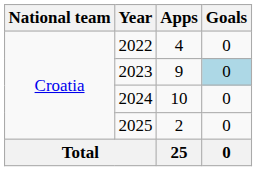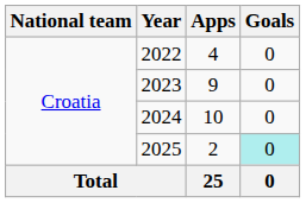 <table class=wikitable style="text-align: center">
 <tr>
 <th>National team</th>
 <th>Year</th>
 <th>Apps</th>
 <th>Goals</th>
 </tr>
 <tr>
 <td rowspan="4"><a href='#'>Croatia</a></td>
 <td>2022</td>
 <td>4</td>
 <td>0</td>
 </tr>
 <tr>
 <td>2023</td>
 <td>9</td>
-<td style="background: lightblue;">0</td>
+<td>0</td>
 </tr>
 <tr>
 <td>2024</td>
 <td>10</td>
 <td>0</td>
 </tr>
 <tr>
 <td>2025</td>
 <td>2</td>
-<td>0</td>
+<td style="background: paleturquoise;">0</td>
 </tr>
 <tr>
 <th colspan="2">Total</th>
 <th>25</th>
 <th>0</th>
 </tr>
 </table>
